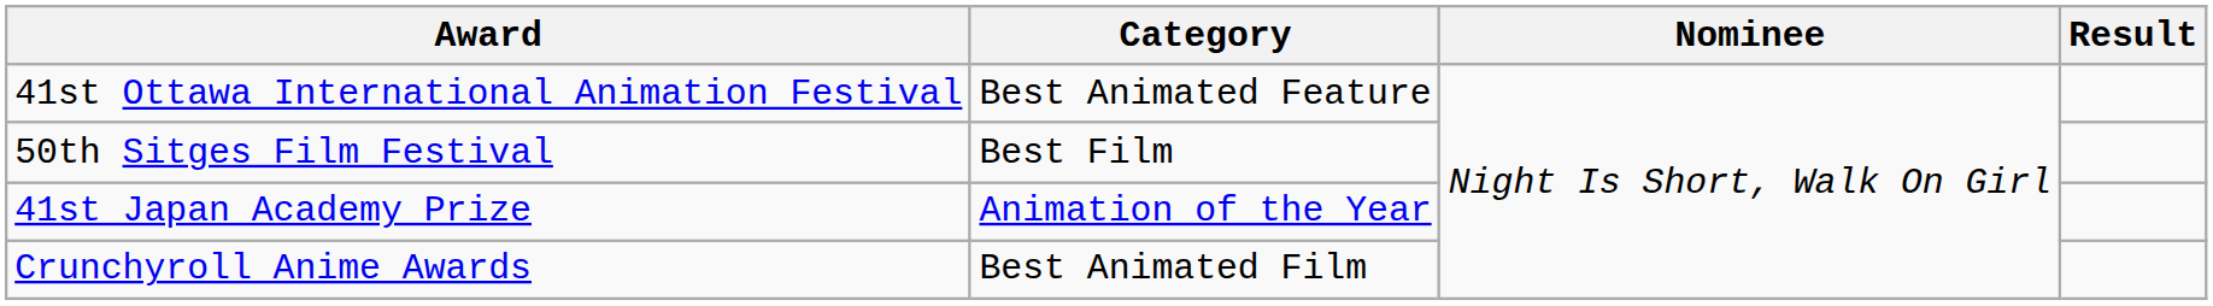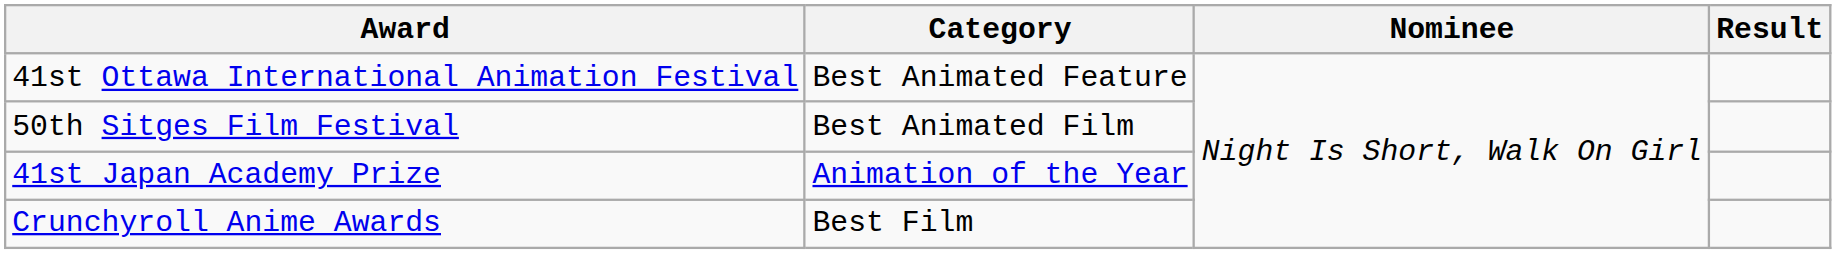 <table class="wikitable sortable">
 <tr>
 <th scope="col">Award</th>
 <th scope="col">Category</th>
 <th scope="col">Nominee</th>
 <th scope="col">Result</th>
 </tr>
 <tr>
 <td>41st <a href='#'>Ottawa International Animation Festival</a></td>
 <td>Best Animated Feature</td>
 <td rowspan="4"><em>Night Is Short, Walk On Girl</em></td>
 <td></td>
 </tr>
 <tr>
 <td>50th <a href='#'>Sitges Film Festival</a></td>
-<td>Best Film</td>
+<td>Best Animated Film</td>
 <td></td>
 </tr>
 <tr>
 <td><a href='#'>41st Japan Academy Prize</a></td>
 <td><a href='#'>Animation of the Year</a></td>
 <td></td>
 </tr>
 <tr>
 <td><a href='#'>Crunchyroll Anime Awards</a></td>
-<td>Best Animated Film</td>
+<td>Best Film</td>
 <td></td>
 </tr>
 </table>
